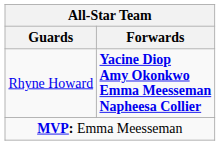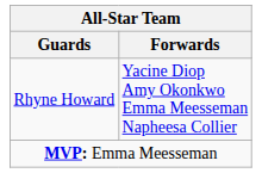 <table class=wikitable style="margin:auto">
 <tr>
 <th colspan=3 align=center>All-Star Team</th>
 </tr>
 <tr>
 <th>Guards</th>
 <th>Forwards</th>
 </tr>
 <tr>
 <td> <a href='#'>Rhyne Howard</a></td>
-<td valign=center><strong> <a href='#'>Yacine Diop</a><br> <a href='#'>Amy Okonkwo</a><br> <a href='#'>Emma Meesseman</a><br> <a href='#'>Napheesa Collier</a></strong></td>
+<td valign=center> <a href='#'>Yacine Diop</a><br> <a href='#'>Amy Okonkwo</a><br> <a href='#'>Emma Meesseman</a><br> <a href='#'>Napheesa Collier</a></td>
 </tr>
 <tr>
 <td colspan=3 align=center><strong><a href='#'>MVP</a>:</strong>  Emma Meesseman</td>
 </tr>
 </table>
